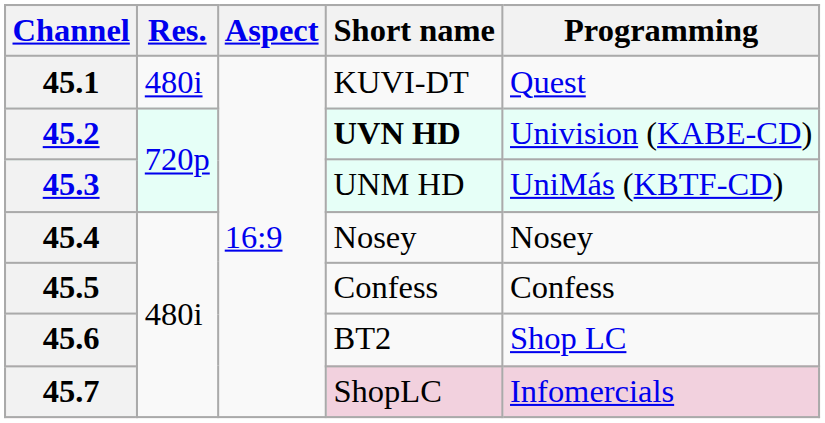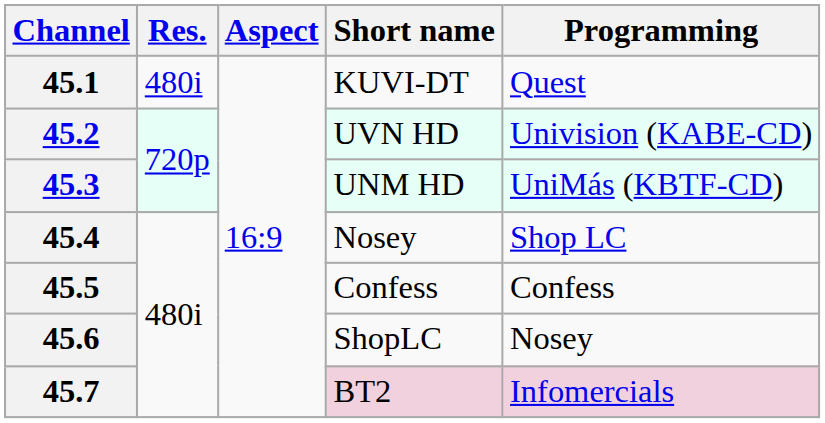 <table class="wikitable">
 <tr>
 <th scope = "col"><a href='#'>Channel</a></th>
 <th scope = "col"><a href='#'>Res.</a></th>
 <th scope = "col"><a href='#'>Aspect</a></th>
 <th scope = "col">Short name</th>
 <th scope = "col">Programming</th>
 </tr>
 <tr>
 <th scope = "row">45.1</th>
 <td><a href='#'>480i</a></td>
 <td rowspan=7><a href='#'>16:9</a></td>
 <td>KUVI-DT</td>
 <td><a href='#'>Quest</a></td>
 </tr>
 <tr style="background-color: #E6FFF7;">
 <th scope = "row"><a href='#'>45.2</a></th>
 <td rowspan=2><a href='#'>720p</a></td>
-<td><strong>UVN HD</strong></td>
+<td>UVN HD</td>
 <td><a href='#'>Univision</a> (<a href='#'>KABE-CD</a>)</td>
 </tr>
 <tr style="background-color: #E6FFF7;">
 <th scope = "row"><a href='#'>45.3</a></th>
 <td>UNM HD</td>
 <td><a href='#'>UniMás</a> (<a href='#'>KBTF-CD</a>)</td>
 </tr>
 <tr>
 <th scope = "row">45.4</th>
 <td rowspan=4>480i</td>
 <td>Nosey</td>
-<td>Nosey</td>
+<td><a href='#'>Shop LC</a></td>
 </tr>
 <tr>
 <th scope = "row">45.5</th>
 <td>Confess</td>
 <td>Confess</td>
 </tr>
 <tr>
 <th scope = "row">45.6</th>
-<td>BT2</td>
-<td><a href='#'>Shop LC</a></td>
+<td>ShopLC</td>
+<td>Nosey</td>
 </tr>
 <tr style="background-color: #f2d1de;">
 <th scope = "row">45.7</th>
-<td>ShopLC</td>
+<td>BT2</td>
 <td><a href='#'>Infomercials</a> </td>
 </tr>
 </table>
